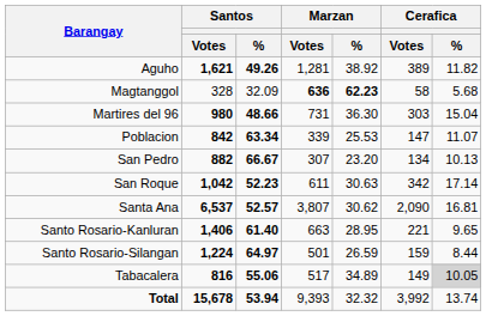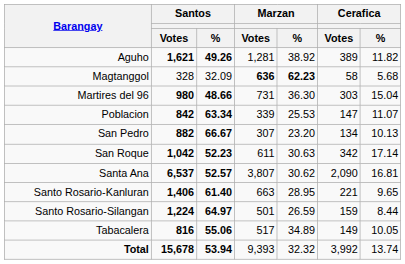 <table class="wikitable collapsible collapsed" style="text-align:right; font-size:95%; line-height:20px;">
 <tr>
 <th rowspan="3" width="200"><a href='#'>Barangay</a></th>
 <th colspan="2" width="110">Santos</th>
 <th colspan="2" width="110">Marzan</th>
 <th colspan="2" width="110">Cerafica</th>
 </tr>
 <tr>
 <th colspan="2" style="background:"></th>
 <th colspan="2" style="background:"></th>
 <th colspan="2" style="background:"></th>
 </tr>
 <tr>
 <th>Votes</th>
 <th>%</th>
 <th>Votes</th>
 <th>%</th>
 <th>Votes</th>
 <th>%</th>
 </tr>
 <tr>
 <td>Aguho</td>
 <td style="background:#"><strong>1,621</strong></td>
 <td style="background:#"><strong>49.26</strong></td>
 <td>1,281</td>
 <td>38.92</td>
 <td>389</td>
 <td>11.82</td>
 </tr>
 <tr>
 <td>Magtanggol</td>
 <td>328</td>
 <td>32.09</td>
 <td style="background:#"><strong>636</strong></td>
 <td style="background:#"><strong>62.23</strong></td>
 <td>58</td>
 <td>5.68</td>
 </tr>
 <tr>
 <td>Martires del 96</td>
 <td style="background:#"><strong>980</strong></td>
 <td style="background:#"><strong>48.66</strong></td>
 <td>731</td>
 <td>36.30</td>
 <td>303</td>
 <td>15.04</td>
 </tr>
 <tr>
 <td>Poblacion</td>
 <td style="background:#"><strong>842</strong></td>
 <td style="background:#"><strong>63.34</strong></td>
 <td>339</td>
 <td>25.53</td>
 <td>147</td>
 <td>11.07</td>
 </tr>
 <tr>
 <td>San Pedro</td>
 <td style="background:#"><strong>882</strong></td>
 <td style="background:#"><strong>66.67</strong></td>
 <td>307</td>
 <td>23.20</td>
 <td>134</td>
 <td>10.13</td>
 </tr>
 <tr>
 <td>San Roque</td>
 <td style="background:#"><strong>1,042</strong></td>
 <td style="background:#"><strong>52.23</strong></td>
 <td>611</td>
 <td>30.63</td>
 <td>342</td>
 <td>17.14</td>
 </tr>
 <tr>
 <td>Santa Ana</td>
 <td style="background:#"><strong>6,537</strong></td>
 <td style="background:#"><strong>52.57</strong></td>
 <td>3,807</td>
 <td>30.62</td>
 <td>2,090</td>
 <td>16.81</td>
 </tr>
 <tr>
 <td>Santo Rosario-Kanluran</td>
 <td style="background:#"><strong>1,406</strong></td>
 <td style="background:#"><strong>61.40</strong></td>
 <td>663</td>
 <td>28.95</td>
 <td>221</td>
 <td>9.65</td>
 </tr>
 <tr>
 <td>Santo Rosario-Silangan</td>
 <td style="background:#"><strong>1,224</strong></td>
 <td style="background:#"><strong>64.97</strong></td>
 <td>501</td>
 <td>26.59</td>
 <td>159</td>
 <td>8.44</td>
 </tr>
 <tr>
 <td>Tabacalera</td>
 <td style="background:#"><strong>816</strong></td>
 <td style="background:#"><strong>55.06</strong></td>
 <td>517</td>
 <td>34.89</td>
 <td>149</td>
-<td style="background: lightgrey;">10.05</td>
+<td>10.05</td>
 </tr>
 <tr>
 <td><strong>Total</strong></td>
 <td style="background:#"><strong>15,678</strong></td>
 <td style="background:#"><strong>53.94</strong></td>
 <td>9,393</td>
 <td>32.32</td>
 <td>3,992</td>
 <td>13.74</td>
 </tr>
 </table>
